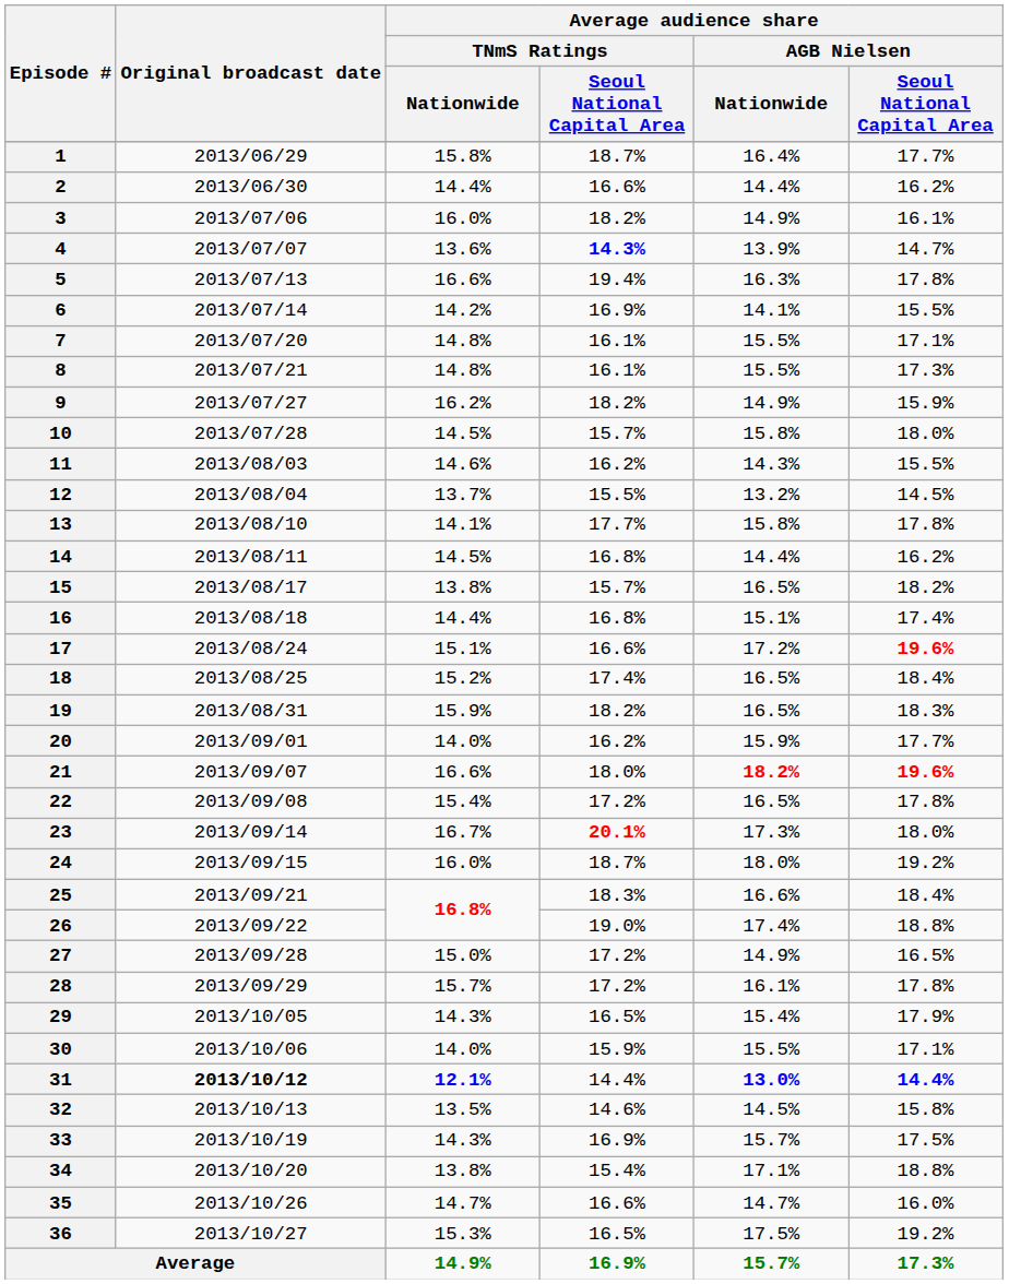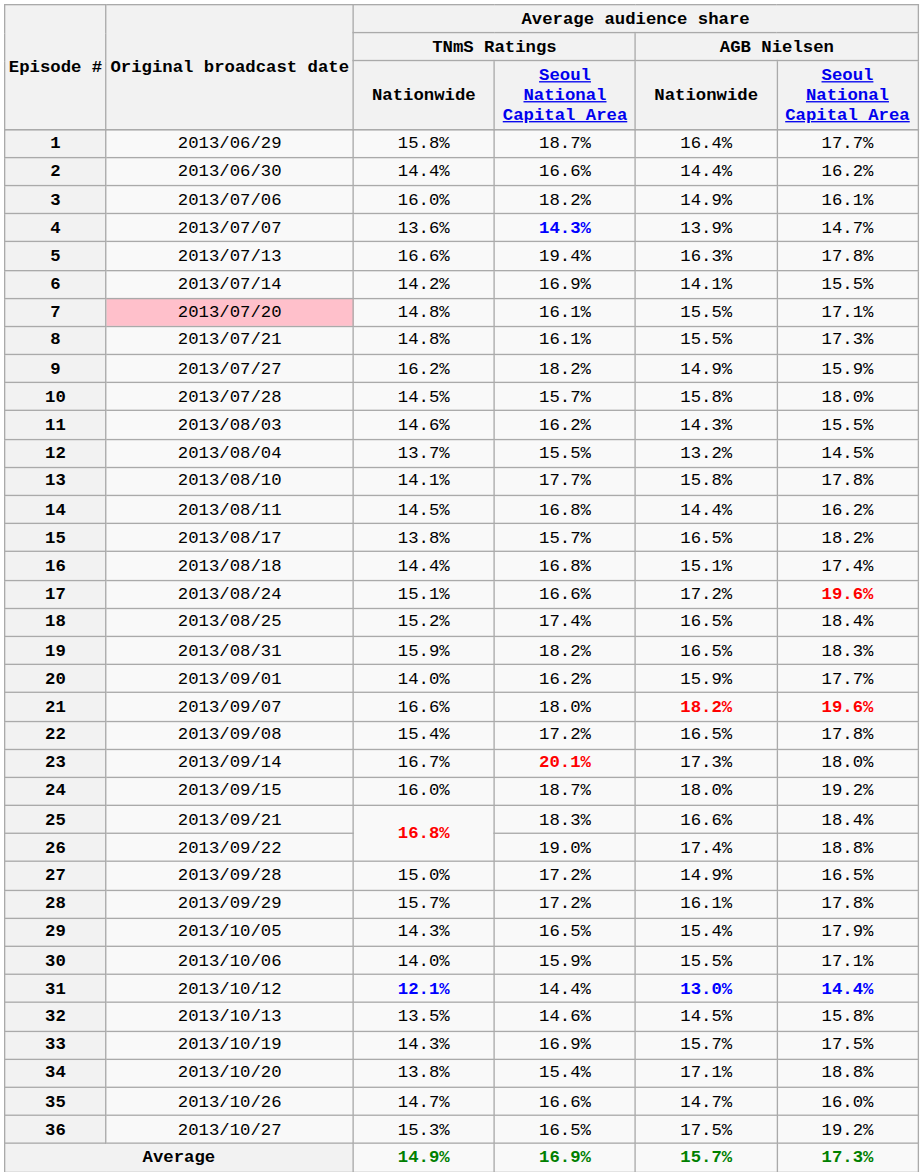 <table class="wikitable" style="text-align:center;">
 <tr>
 <th rowspan="3">Episode #</th>
 <th rowspan="3">Original broadcast date</th>
 <th colspan="5">Average audience share</th>
 </tr>
 <tr>
 <th colspan="2">TNmS Ratings</th>
 <th colspan="2">AGB Nielsen</th>
 </tr>
 <tr>
 <th width=100>Nationwide</th>
 <th width=100><a href='#'>Seoul National Capital Area</a></th>
 <th width=100>Nationwide</th>
 <th width=100><a href='#'>Seoul National Capital Area</a></th>
 </tr>
 <tr>
 </tr>
 <tr>
 <th>1</th>
 <td>2013/06/29</td>
 <td>15.8%</td>
 <td>18.7%</td>
 <td>16.4%</td>
 <td>17.7%</td>
 </tr>
 <tr>
 <th>2</th>
 <td>2013/06/30</td>
 <td>14.4%</td>
 <td>16.6%</td>
 <td>14.4%</td>
 <td>16.2%</td>
 </tr>
 <tr>
 <th>3</th>
 <td>2013/07/06</td>
 <td>16.0%</td>
 <td>18.2%</td>
 <td>14.9%</td>
 <td>16.1%</td>
 </tr>
 <tr>
 <th>4</th>
 <td>2013/07/07</td>
 <td>13.6%</td>
 <td style="color:blue;"><strong>14.3%</strong></td>
 <td>13.9%</td>
 <td>14.7%</td>
 </tr>
 <tr>
 <th>5</th>
 <td>2013/07/13</td>
 <td>16.6%</td>
 <td>19.4%</td>
 <td>16.3%</td>
 <td>17.8%</td>
 </tr>
 <tr>
 <th>6</th>
 <td>2013/07/14</td>
 <td>14.2%</td>
 <td>16.9%</td>
 <td>14.1%</td>
 <td>15.5%</td>
 </tr>
 <tr>
 <th>7</th>
-<td>2013/07/20</td>
+<td style="background: pink;">2013/07/20</td>
 <td>14.8%</td>
 <td>16.1%</td>
 <td>15.5%</td>
 <td>17.1%</td>
 </tr>
 <tr>
 <th>8</th>
 <td>2013/07/21</td>
 <td>14.8%</td>
 <td>16.1%</td>
 <td>15.5%</td>
 <td>17.3%</td>
 </tr>
 <tr>
 <th>9</th>
 <td>2013/07/27</td>
 <td>16.2%</td>
 <td>18.2%</td>
 <td>14.9%</td>
 <td>15.9%</td>
 </tr>
 <tr>
 <th>10</th>
 <td>2013/07/28</td>
 <td>14.5%</td>
 <td>15.7%</td>
 <td>15.8%</td>
 <td>18.0%</td>
 </tr>
 <tr>
 <th>11</th>
 <td>2013/08/03</td>
 <td>14.6%</td>
 <td>16.2%</td>
 <td>14.3%</td>
 <td>15.5%</td>
 </tr>
 <tr>
 <th>12</th>
 <td>2013/08/04</td>
 <td>13.7%</td>
 <td>15.5%</td>
 <td>13.2%</td>
 <td>14.5%</td>
 </tr>
 <tr>
 <th>13</th>
 <td>2013/08/10</td>
 <td>14.1%</td>
 <td>17.7%</td>
 <td>15.8%</td>
 <td>17.8%</td>
 </tr>
 <tr>
 <th>14</th>
 <td>2013/08/11</td>
 <td>14.5%</td>
 <td>16.8%</td>
 <td>14.4%</td>
 <td>16.2%</td>
 </tr>
 <tr>
 <th>15</th>
 <td>2013/08/17</td>
 <td>13.8%</td>
 <td>15.7%</td>
 <td>16.5%</td>
 <td>18.2%</td>
 </tr>
 <tr>
 <th>16</th>
 <td>2013/08/18</td>
 <td>14.4%</td>
 <td>16.8%</td>
 <td>15.1%</td>
 <td>17.4%</td>
 </tr>
 <tr>
 <th>17</th>
 <td>2013/08/24</td>
 <td>15.1%</td>
 <td>16.6%</td>
 <td>17.2%</td>
 <td style="color:red;"><strong>19.6%</strong></td>
 </tr>
 <tr>
 <th>18</th>
 <td>2013/08/25</td>
 <td>15.2%</td>
 <td>17.4%</td>
 <td>16.5%</td>
 <td>18.4%</td>
 </tr>
 <tr>
 <th>19</th>
 <td>2013/08/31</td>
 <td>15.9%</td>
 <td>18.2%</td>
 <td>16.5%</td>
 <td>18.3%</td>
 </tr>
 <tr>
 <th>20</th>
 <td>2013/09/01</td>
 <td>14.0%</td>
 <td>16.2%</td>
 <td>15.9%</td>
 <td>17.7%</td>
 </tr>
 <tr>
 <th>21</th>
 <td>2013/09/07</td>
 <td>16.6%</td>
 <td>18.0%</td>
 <td style="color:red;"><strong>18.2%</strong></td>
 <td style="color:red;"><strong>19.6%</strong></td>
 </tr>
 <tr>
 <th>22</th>
 <td>2013/09/08</td>
 <td>15.4%</td>
 <td>17.2%</td>
 <td>16.5%</td>
 <td>17.8%</td>
 </tr>
 <tr>
 <th>23</th>
 <td>2013/09/14</td>
 <td>16.7%</td>
 <td style="color:red;"><strong>20.1%</strong></td>
 <td>17.3%</td>
 <td>18.0%</td>
 </tr>
 <tr>
 <th>24</th>
 <td>2013/09/15</td>
 <td>16.0%</td>
 <td>18.7%</td>
 <td>18.0%</td>
 <td>19.2%</td>
 </tr>
 <tr>
 <th>25</th>
 <td>2013/09/21</td>
 <td rowspan="2" style="color:red;"><strong>16.8%</strong></td>
 <td>18.3%</td>
 <td>16.6%</td>
 <td>18.4%</td>
 </tr>
 <tr>
 <th>26</th>
 <td>2013/09/22</td>
 <td>19.0%</td>
 <td>17.4%</td>
 <td>18.8%</td>
 </tr>
 <tr>
 <th>27</th>
 <td>2013/09/28</td>
 <td>15.0%</td>
 <td>17.2%</td>
 <td>14.9%</td>
 <td>16.5%</td>
 </tr>
 <tr>
 <th>28</th>
 <td>2013/09/29</td>
 <td>15.7%</td>
 <td>17.2%</td>
 <td>16.1%</td>
 <td>17.8%</td>
 </tr>
 <tr>
 <th>29</th>
 <td>2013/10/05</td>
 <td>14.3%</td>
 <td>16.5%</td>
 <td>15.4%</td>
 <td>17.9%</td>
 </tr>
 <tr>
 <th>30</th>
 <td>2013/10/06</td>
 <td>14.0%</td>
 <td>15.9%</td>
 <td>15.5%</td>
 <td>17.1%</td>
 </tr>
 <tr>
 <th>31</th>
-<td><strong>2013/10/12</strong></td>
+<td>2013/10/12</td>
 <td style="color:blue;"><strong>12.1%</strong></td>
 <td>14.4%</td>
 <td style="color:blue;"><strong>13.0%</strong></td>
 <td style="color:blue;"><strong>14.4%</strong></td>
 </tr>
 <tr>
 <th>32</th>
 <td>2013/10/13</td>
 <td>13.5%</td>
 <td>14.6%</td>
 <td>14.5%</td>
 <td>15.8%</td>
 </tr>
 <tr>
 <th>33</th>
 <td>2013/10/19</td>
 <td>14.3%</td>
 <td>16.9%</td>
 <td>15.7%</td>
 <td>17.5%</td>
 </tr>
 <tr>
 <th>34</th>
 <td>2013/10/20</td>
 <td>13.8%</td>
 <td>15.4%</td>
 <td>17.1%</td>
 <td>18.8%</td>
 </tr>
 <tr>
 <th>35</th>
 <td>2013/10/26</td>
 <td>14.7%</td>
 <td>16.6%</td>
 <td>14.7%</td>
 <td>16.0%</td>
 </tr>
 <tr>
 <th>36</th>
 <td>2013/10/27</td>
 <td>15.3%</td>
 <td>16.5%</td>
 <td>17.5%</td>
 <td>19.2%</td>
 </tr>
 <tr>
 <th colspan="2">Average</th>
 <td style="color:green;"><strong>14.9%</strong></td>
 <td style="color:green;"><strong>16.9%</strong></td>
 <td style="color:green;"><strong>15.7%</strong></td>
 <td style="color:green;"><strong>17.3%</strong></td>
 </tr>
 </table>
